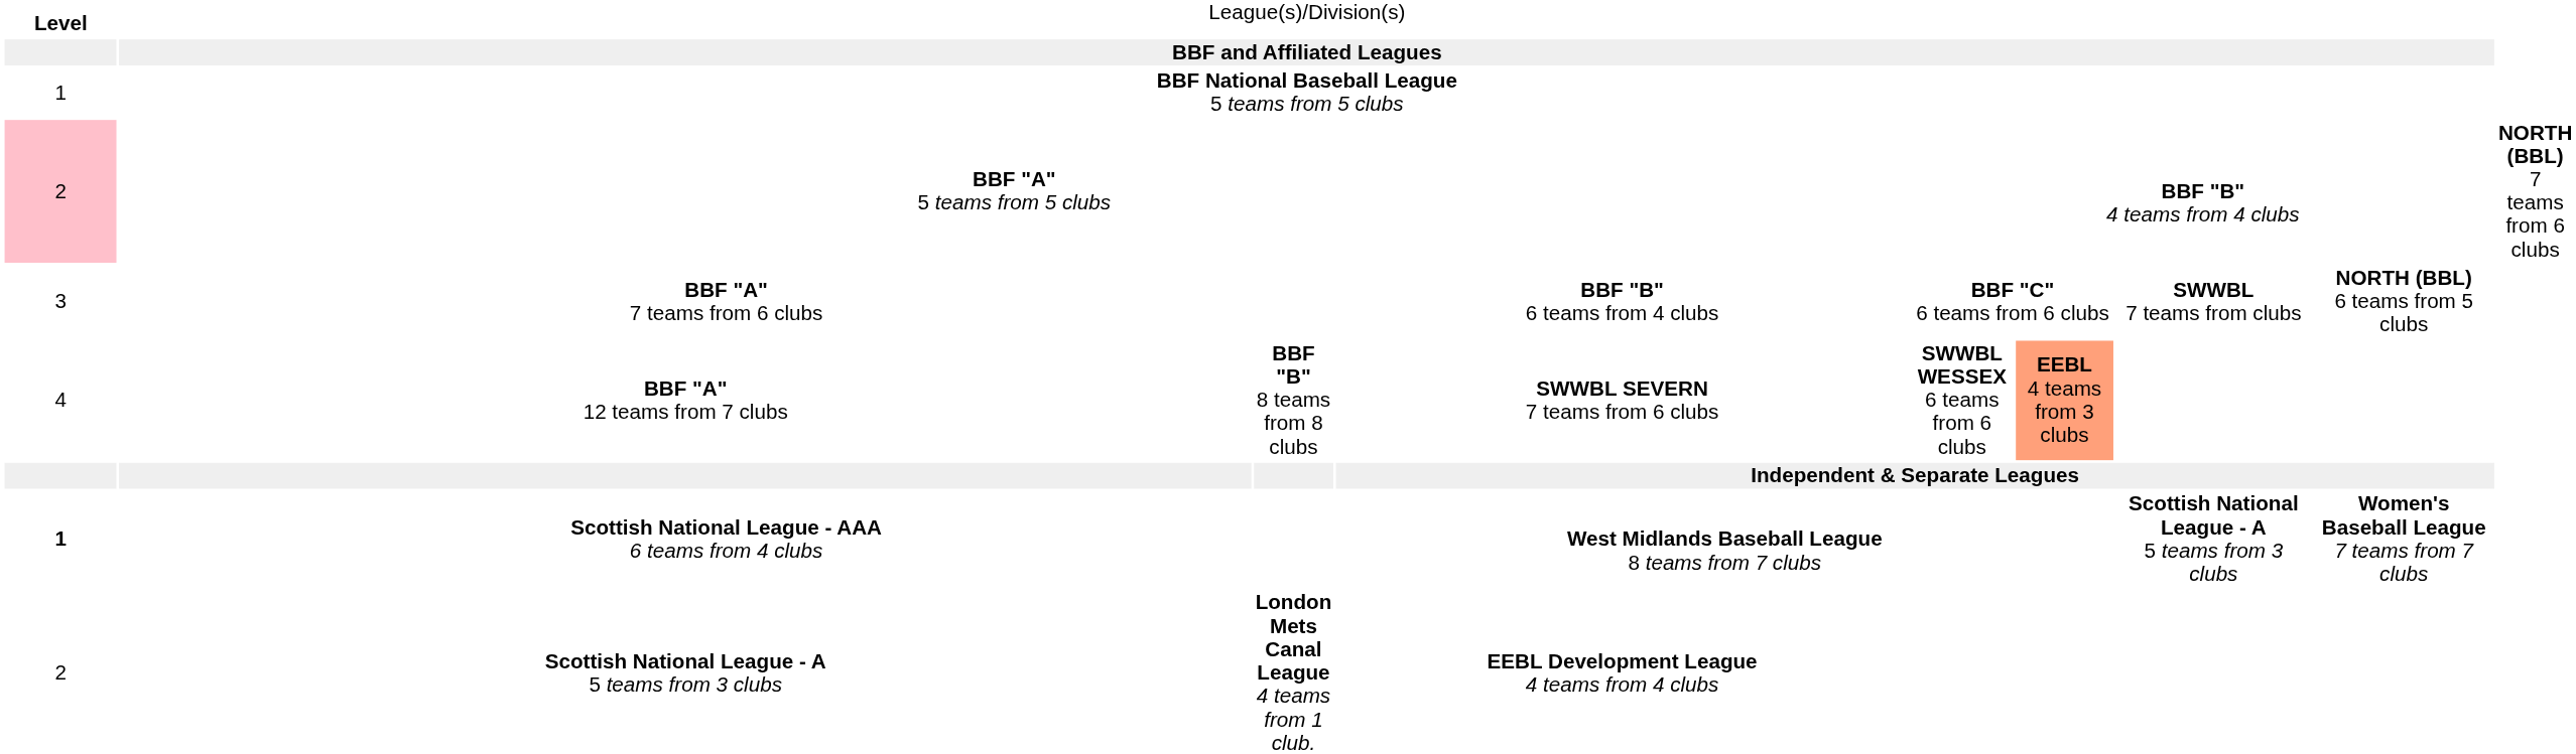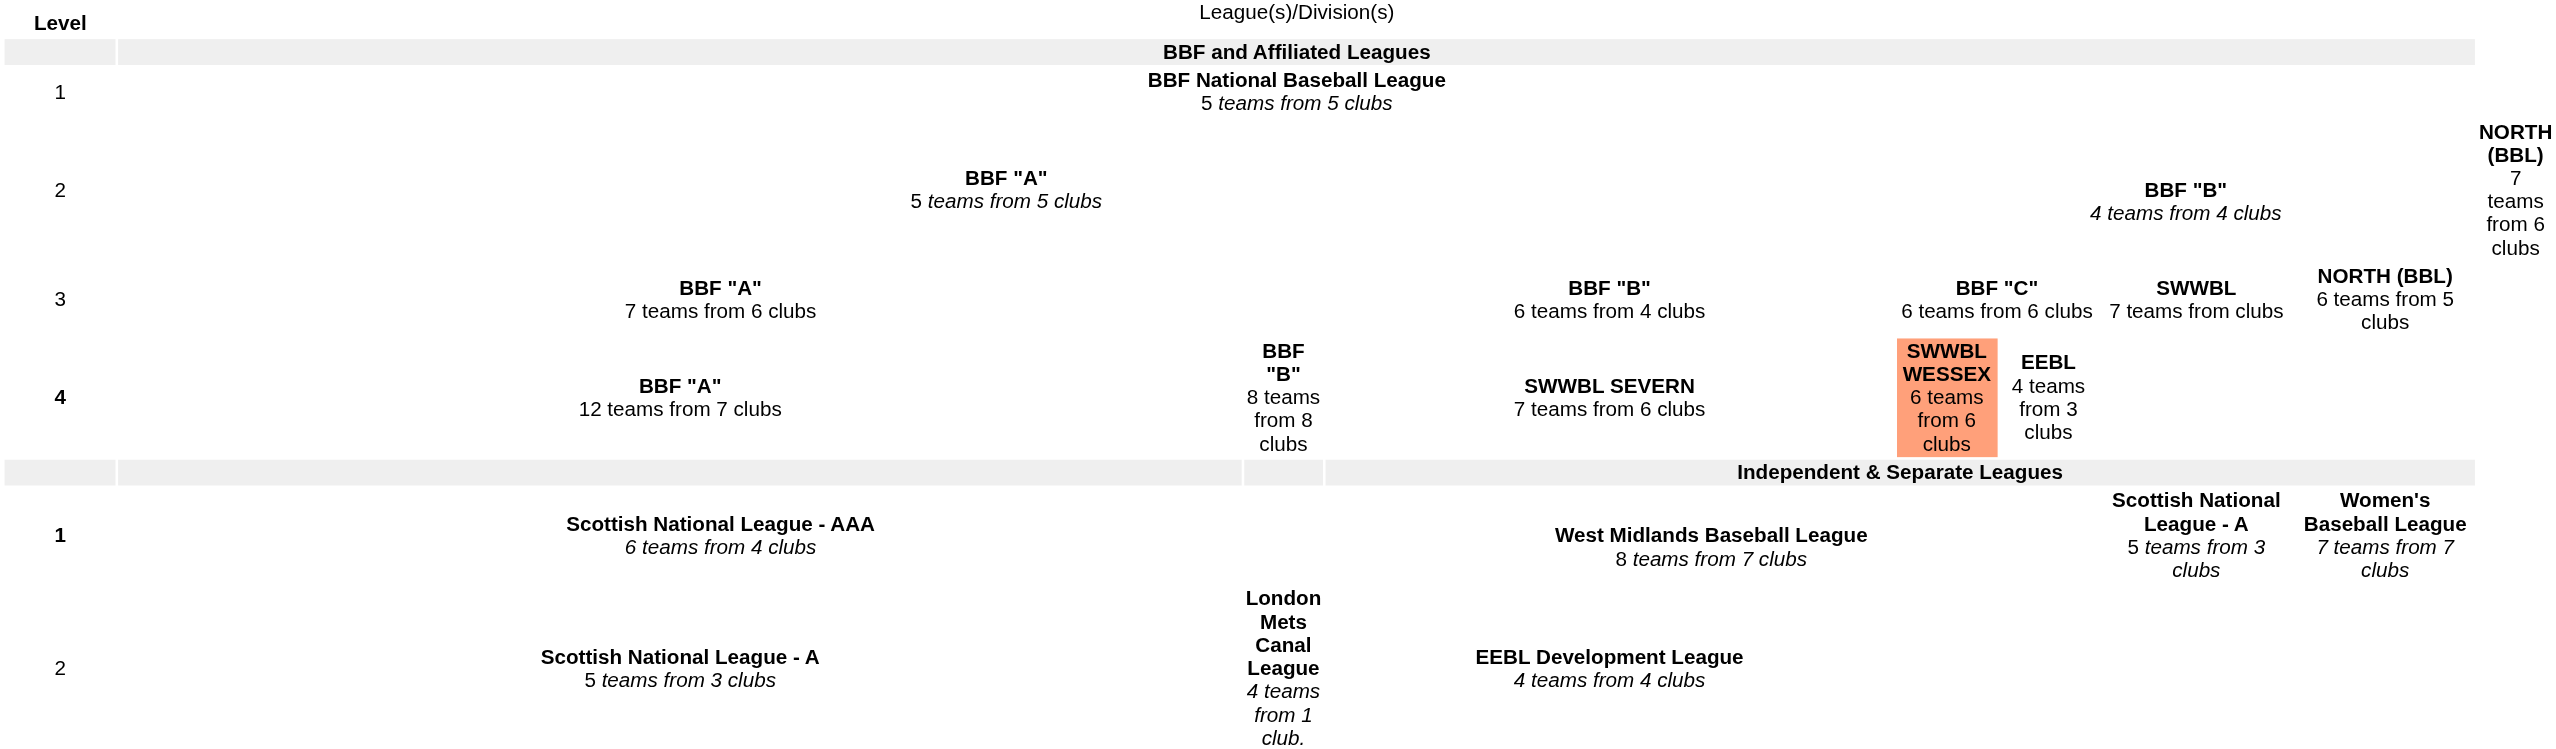 <table classDue to the large turnover of teams, ="wikitable" style="text-align: center;">
 <tr>
 <th width="4%"><br>Level</th>
 <td colspan="7">League(s)/Division(s)</td>
 </tr>
 <tr style="background:#efefef;">
 <td colspan="1" width="4.6%" style="text-align:center"></td>
 <td colspan="7"><strong>BBF and Affiliated Leagues</strong></td>
 </tr>
 <tr>
 <td width="4%">1</td>
 <td colspan="7"><strong>BBF National Baseball League</strong><br>5 <em>teams from 5 clubs</em></td>
 </tr>
 <tr>
-<td width="4%" style="background: pink;">2</td>
+<td width="4%">2</td>
 <td colspan="3"><strong>BBF "A"</strong><br>5 <em>teams from 5 clubs</em></td>
 <td colspan="4" width="48%"><br><strong>BBF "B"</strong><br> <em>4 teams from 4 clubs</em></td>
 <td><strong>NORTH (BBL)</strong><br>7 teams from 6 clubs</td>
 </tr>
 <tr>
 <td width="4%">3</td>
 <td colspan="2"><strong>BBF "A"</strong><br>7 teams from 6 clubs</td>
 <td width="24%"><strong>BBF "B"</strong><br>6 teams from 4 clubs</td>
 <td colspan="2"><strong>BBF "C"</strong><br>6 teams from 6 clubs</td>
 <td><strong>SWWBL</strong><br>7 teams from clubs</td>
 <td><strong>NORTH (BBL)</strong><br>6 teams from 5 clubs</td>
 </tr>
 <tr>
-<td width="4%">4</td>
+<td width="4%"><strong>4</strong></td>
 <td width="48%"><strong>BBF "A"</strong><br>12 teams from 7 clubs</td>
 <td><strong>BBF "B"</strong><br>8 teams from 8 clubs</td>
 <td><strong>SWWBL SEVERN</strong><br>7 teams from 6 clubs</td>
-<td><strong>SWWBL WESSEX</strong><br>6 teams from 6 clubs</td>
-<td style="background: lightsalmon;"><strong>EEBL</strong><br>4 teams from 3 clubs</td>
+<td style="background: lightsalmon;"><strong>SWWBL WESSEX</strong><br>6 teams from 6 clubs</td>
+<td><strong>EEBL</strong><br>4 teams from 3 clubs</td>
 <td></td>
 </tr>
 <tr style="background:#efefef;">
 <td colspan="1" width="4.6%" style="text-align:center"></td>
 <td></td>
 <td></td>
 <td colspan="5" width="95.4%" style="text-align:center;"><strong>Independent & Separate Leagues</strong></td>
 </tr>
 <tr>
 <td width="4%"><strong>1</strong></td>
 <td colspan="2"><strong>Scottish National League - AAA</strong><br><em>6 teams from 4 clubs</em></td>
 <td colspan="3" width="32%"><br><strong>West Midlands Baseball League</strong><br> 8 <em>teams from 7 clubs</em></td>
 <td><strong>Scottish National League - A</strong><br>5 <em>teams from 3 clubs</em></td>
 <td colspan="" width="32%"><strong>Women's Baseball League</strong><br><em>7 teams from 7 clubs</em></td>
 <td></td>
 <td></td>
 </tr>
 <tr>
 <td>2</td>
 <td><strong>Scottish National League - A</strong><br>5 <em>teams from 3 clubs</em></td>
 <td><strong>London Mets Canal League</strong><br><em>4 teams from 1 club.</em></td>
 <td><strong>EEBL Development League</strong><br><em>4 teams from 4 clubs</em></td>
 <td></td>
 <td></td>
 <td></td>
 <td></td>
 </tr>
 <tr>
 </tr>
 </table>
